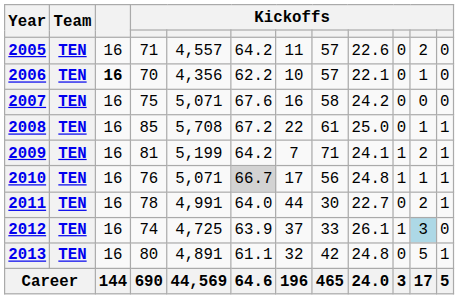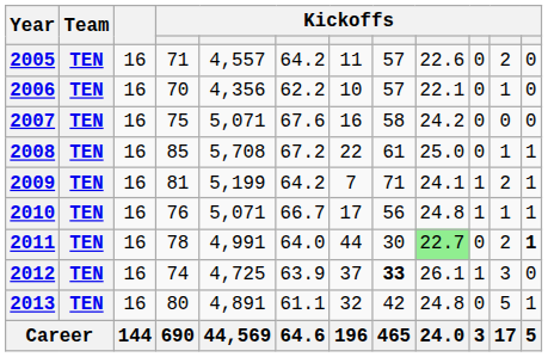 <table class="wikitable" style="text-align:center">
 <tr>
 <th rowspan="2">Year</th>
 <th rowspan="2">Team</th>
 <th rowspan="2"></th>
 <th colspan="9">Kickoffs</th>
 </tr>
 <tr>
 <th></th>
 <th></th>
 <th></th>
 <th></th>
 <th></th>
 <th></th>
 <th></th>
 <th></th>
 <th></th>
 </tr>
 <tr>
 <th><a href='#'>2005</a></th>
 <th><a href='#'>TEN</a></th>
 <td>16</td>
 <td>71</td>
 <td>4,557</td>
 <td>64.2</td>
 <td>11</td>
 <td>57</td>
 <td>22.6</td>
 <td>0</td>
 <td>2</td>
 <td>0</td>
 </tr>
 <tr>
 <th><a href='#'>2006</a></th>
 <th><a href='#'>TEN</a></th>
-<td><strong>16</strong></td>
+<td>16</td>
 <td>70</td>
 <td>4,356</td>
 <td>62.2</td>
 <td>10</td>
 <td>57</td>
 <td>22.1</td>
 <td>0</td>
 <td>1</td>
 <td>0</td>
 </tr>
 <tr>
 <th><a href='#'>2007</a></th>
 <th><a href='#'>TEN</a></th>
 <td>16</td>
 <td>75</td>
 <td>5,071</td>
 <td>67.6</td>
 <td>16</td>
 <td>58</td>
 <td>24.2</td>
 <td>0</td>
 <td>0</td>
 <td>0</td>
 </tr>
 <tr>
 <th><a href='#'>2008</a></th>
 <th><a href='#'>TEN</a></th>
 <td>16</td>
 <td>85</td>
 <td>5,708</td>
 <td>67.2</td>
 <td>22</td>
 <td>61</td>
 <td>25.0</td>
 <td>0</td>
 <td>1</td>
 <td>1</td>
 </tr>
 <tr>
 <th><a href='#'>2009</a></th>
 <th><a href='#'>TEN</a></th>
 <td>16</td>
 <td>81</td>
 <td>5,199</td>
 <td>64.2</td>
 <td>7</td>
 <td>71</td>
 <td>24.1</td>
 <td>1</td>
 <td>2</td>
 <td>1</td>
 </tr>
 <tr>
 <th><a href='#'>2010</a></th>
 <th><a href='#'>TEN</a></th>
 <td>16</td>
 <td>76</td>
 <td>5,071</td>
-<td style="background: lightgrey;">66.7</td>
+<td>66.7</td>
 <td>17</td>
 <td>56</td>
 <td>24.8</td>
 <td>1</td>
 <td>1</td>
 <td>1</td>
 </tr>
 <tr>
 <th><a href='#'>2011</a></th>
 <th><a href='#'>TEN</a></th>
 <td>16</td>
 <td>78</td>
 <td>4,991</td>
 <td>64.0</td>
 <td>44</td>
 <td>30</td>
-<td>22.7</td>
+<td style="background: lightgreen;">22.7</td>
 <td>0</td>
 <td>2</td>
-<td>1</td>
+<td><strong>1</strong></td>
 </tr>
 <tr>
 <th><a href='#'>2012</a></th>
 <th><a href='#'>TEN</a></th>
 <td>16</td>
 <td>74</td>
 <td>4,725</td>
 <td>63.9</td>
 <td>37</td>
-<td>33</td>
+<td><strong>33</strong></td>
 <td>26.1</td>
 <td>1</td>
-<td style="background: lightblue;">3</td>
+<td>3</td>
 <td>0</td>
 </tr>
 <tr>
 <th><a href='#'>2013</a></th>
 <th><a href='#'>TEN</a></th>
 <td>16</td>
 <td>80</td>
 <td>4,891</td>
 <td>61.1</td>
 <td>32</td>
 <td>42</td>
 <td>24.8</td>
 <td>0</td>
 <td>5</td>
 <td>1</td>
 </tr>
 <tr>
 <th colspan="2">Career</th>
 <th>144</th>
 <th>690</th>
 <th>44,569</th>
 <th>64.6</th>
 <th>196</th>
 <th>465</th>
 <th>24.0</th>
 <th>3</th>
 <th>17</th>
 <th>5</th>
 </tr>
 </table>
